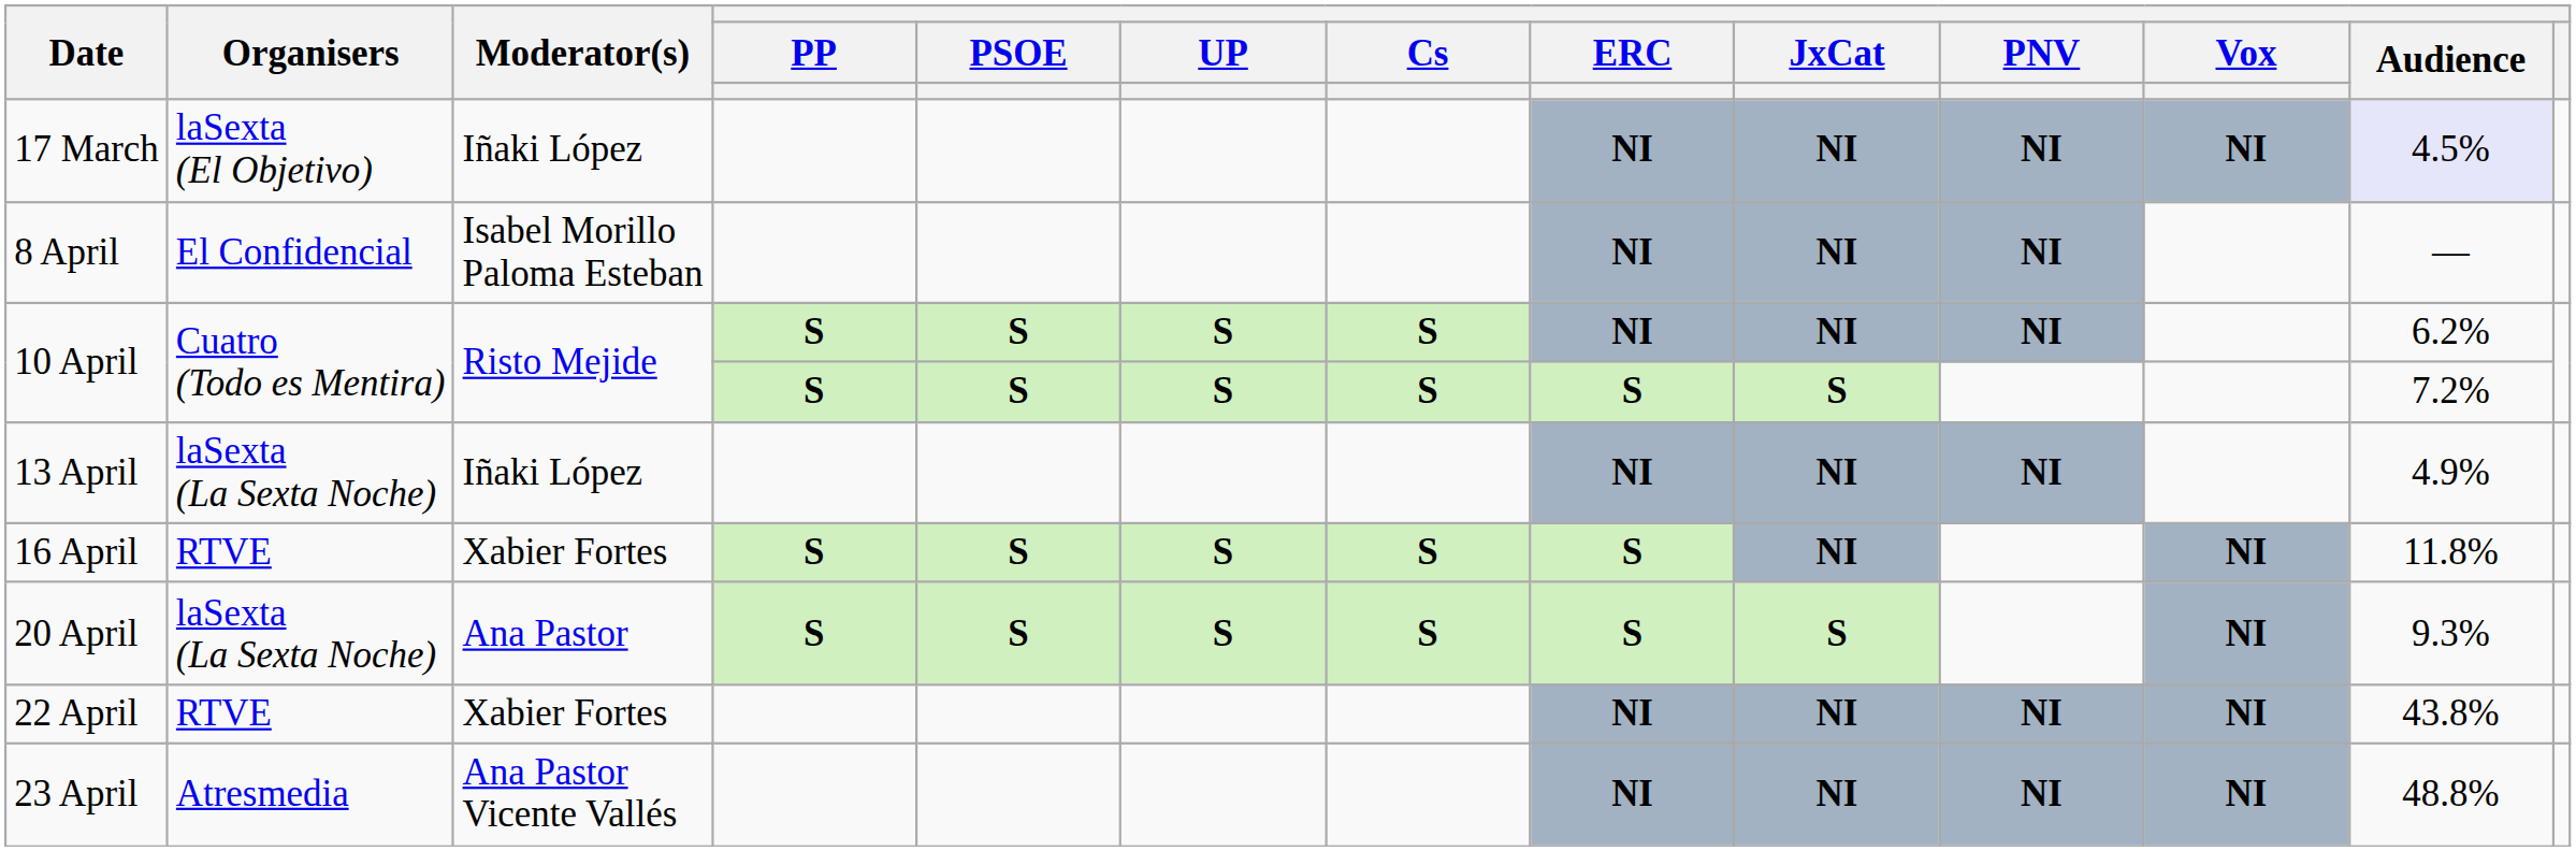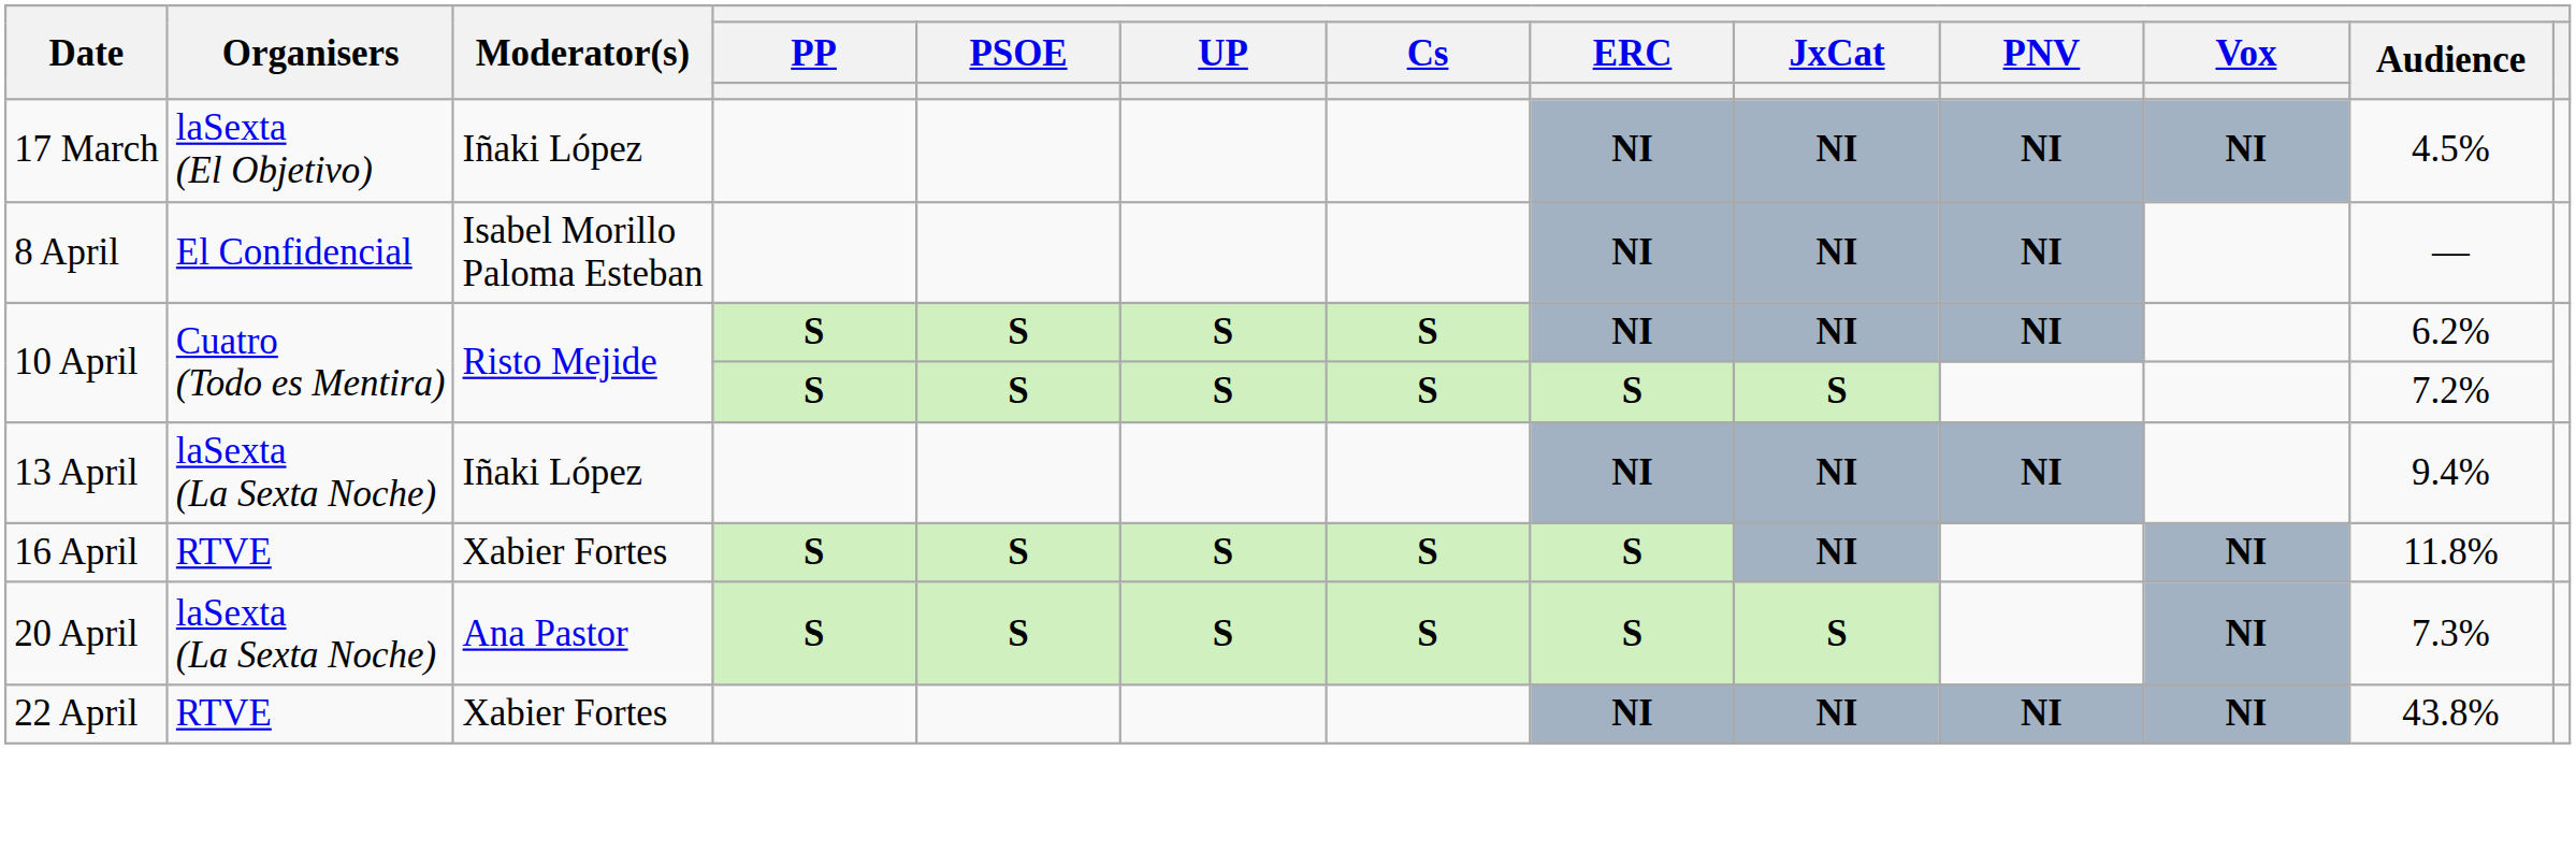 <table class="wikitable" style="text-align:center;">
 <tr>
 <th rowspan="3">Date</th>
 <th rowspan="3">Organisers</th>
 <th rowspan="3">Moderator(s)</th>
 <th colspan="10">        </th>
 </tr>
 <tr>
 <th scope="col" style="width:5em;"><a href='#'>PP</a></th>
 <th scope="col" style="width:5em;"><a href='#'>PSOE</a></th>
 <th scope="col" style="width:5em;"><a href='#'>UP</a></th>
 <th scope="col" style="width:5em;"><a href='#'>Cs</a></th>
 <th scope="col" style="width:5em;"><a href='#'>ERC</a></th>
 <th scope="col" style="width:5em;"><a href='#'>JxCat</a></th>
 <th scope="col" style="width:5em;"><a href='#'>PNV</a></th>
 <th scope="col" style="width:5em;"><a href='#'>Vox</a></th>
 <th rowspan="2" scope="col" style="width:5em;">Audience</th>
 <th rowspan="2"></th>
 </tr>
 <tr>
 <th style="color:inherit;background:"></th>
 <th style="color:inherit;background:"></th>
 <th style="color:inherit;background:"></th>
 <th style="color:inherit;background:"></th>
 <th style="color:inherit;background:"></th>
 <th style="color:inherit;background:"></th>
 <th style="color:inherit;background:"></th>
 <th style="color:inherit;background:"></th>
 </tr>
 <tr>
 <td style="white-space:nowrap; text-align:left;">17 March</td>
 <td style="white-space:nowrap; text-align:left;"><a href='#'>laSexta</a><br><em>(El Objetivo)</em></td>
 <td style="white-space:nowrap; text-align:left;">Iñaki López</td>
 <td></td>
 <td></td>
 <td></td>
 <td></td>
 <td style="background:#A2B2C2;"><strong>NI</strong></td>
 <td style="background:#A2B2C2;"><strong>NI</strong></td>
 <td style="background:#A2B2C2;"><strong>NI</strong></td>
 <td style="background:#A2B2C2;"><strong>NI</strong></td>
-<td style="background: lavender;">4.5%<br></td>
+<td>4.5%<br></td>
 <td><br></td>
 </tr>
 <tr>
 <td style="white-space:nowrap; text-align:left;">8 April</td>
 <td style="white-space:nowrap; text-align:left;"><a href='#'>El Confidencial</a></td>
 <td style="white-space:nowrap; text-align:left;">Isabel Morillo<br>Paloma Esteban</td>
 <td></td>
 <td></td>
 <td></td>
 <td></td>
 <td style="background:#A2B2C2;"><strong>NI</strong></td>
 <td style="background:#A2B2C2;"><strong>NI</strong></td>
 <td style="background:#A2B2C2;"><strong>NI</strong></td>
 <td></td>
 <td>—</td>
 <td></td>
 </tr>
 <tr>
 <td rowspan="2" style="white-space:nowrap; text-align:left;">10 April</td>
 <td rowspan="2" style="white-space:nowrap; text-align:left;"><a href='#'>Cuatro</a><br><em>(Todo es Mentira)</em></td>
 <td rowspan="2" style="white-space:nowrap; text-align:left;"><a href='#'>Risto Mejide</a></td>
 <td style="background:#D0F0C0;"><strong>S</strong><br></td>
 <td style="background:#D0F0C0;"><strong>S</strong><br></td>
 <td style="background:#D0F0C0;"><strong>S</strong><br></td>
 <td style="background:#D0F0C0;"><strong>S</strong><br></td>
 <td style="background:#A2B2C2;"><strong>NI</strong></td>
 <td style="background:#A2B2C2;"><strong>NI</strong></td>
 <td style="background:#A2B2C2;"><strong>NI</strong></td>
 <td></td>
 <td>6.2%<br></td>
 <td rowspan="2"><br></td>
 </tr>
 <tr>
 <td style="background:#D0F0C0;"><strong>S</strong><br></td>
 <td style="background:#D0F0C0;"><strong>S</strong><br></td>
 <td style="background:#D0F0C0;"><strong>S</strong><br></td>
 <td style="background:#D0F0C0;"><strong>S</strong><br></td>
 <td style="background:#D0F0C0;"><strong>S</strong><br></td>
 <td style="background:#D0F0C0;"><strong>S</strong><br></td>
 <td></td>
 <td></td>
 <td>7.2%<br></td>
 </tr>
 <tr>
 <td style="white-space:nowrap; text-align:left;">13 April</td>
 <td style="white-space:nowrap; text-align:left;"><a href='#'>laSexta</a><br><em>(La Sexta Noche)</em></td>
 <td style="white-space:nowrap; text-align:left;">Iñaki López</td>
 <td></td>
 <td></td>
 <td></td>
 <td></td>
 <td style="background:#A2B2C2;"><strong>NI</strong></td>
 <td style="background:#A2B2C2;"><strong>NI</strong></td>
 <td style="background:#A2B2C2;"><strong>NI</strong></td>
 <td></td>
-<td>4.9%<br></td>
+<td>9.4%<br></td>
 <td><br></td>
 </tr>
 <tr>
 <td style="white-space:nowrap; text-align:left;">16 April</td>
 <td style="white-space:nowrap; text-align:left;"><a href='#'>RTVE</a></td>
 <td style="white-space:nowrap; text-align:left;">Xabier Fortes</td>
 <td style="background:#D0F0C0;"><strong>S</strong><br></td>
 <td style="background:#D0F0C0;"><strong>S</strong><br></td>
 <td style="background:#D0F0C0;"><strong>S</strong><br></td>
 <td style="background:#D0F0C0;"><strong>S</strong><br></td>
 <td style="background:#D0F0C0;"><strong>S</strong><br></td>
 <td style="background:#A2B2C2;"><strong>NI</strong></td>
 <td></td>
 <td style="background:#A2B2C2;"><strong>NI</strong></td>
 <td>11.8%<br></td>
 <td><br></td>
 </tr>
 <tr>
 <td style="white-space:nowrap; text-align:left;">20 April</td>
 <td style="white-space:nowrap; text-align:left;"><a href='#'>laSexta</a><br><em>(La Sexta Noche)</em></td>
 <td style="white-space:nowrap; text-align:left;"><a href='#'>Ana Pastor</a></td>
 <td style="background:#D0F0C0;"><strong>S</strong><br></td>
 <td style="background:#D0F0C0;"><strong>S</strong><br></td>
 <td style="background:#D0F0C0;"><strong>S</strong><br></td>
 <td style="background:#D0F0C0;"><strong>S</strong><br></td>
 <td style="background:#D0F0C0;"><strong>S</strong><br></td>
 <td style="background:#D0F0C0;"><strong>S</strong><br></td>
 <td></td>
 <td style="background:#A2B2C2;"><strong>NI</strong></td>
-<td>9.3%<br></td>
+<td>7.3%<br></td>
 <td><br></td>
 </tr>
 <tr>
 <td style="white-space:nowrap; text-align:left;">22 April</td>
 <td style="white-space:nowrap; text-align:left;"><a href='#'>RTVE</a></td>
 <td style="white-space:nowrap; text-align:left;">Xabier Fortes</td>
 <td></td>
 <td></td>
 <td></td>
 <td></td>
 <td style="background:#A2B2C2;"><strong>NI</strong></td>
 <td style="background:#A2B2C2;"><strong>NI</strong></td>
 <td style="background:#A2B2C2;"><strong>NI</strong></td>
 <td style="background:#A2B2C2;"><strong>NI</strong></td>
 <td>43.8%<br></td>
 <td><br></td>
 </tr>
-<tr>
-<td style="white-space:nowrap; text-align:left;">23 April</td>
-<td style="white-space:nowrap; text-align:left;"><a href='#'>Atresmedia</a></td>
-<td style="white-space:nowrap; text-align:left;"><a href='#'>Ana Pastor</a><br>Vicente Vallés</td>
-<td></td>
-<td></td>
-<td></td>
-<td></td>
-<td style="background:#A2B2C2;"><strong>NI</strong></td>
-<td style="background:#A2B2C2;"><strong>NI</strong></td>
-<td style="background:#A2B2C2;"><strong>NI</strong></td>
-<td style="background:#A2B2C2;"><strong>NI</strong></td>
-<td>48.8%<br></td>
-<td><br></td>
-</tr>
 </table>
